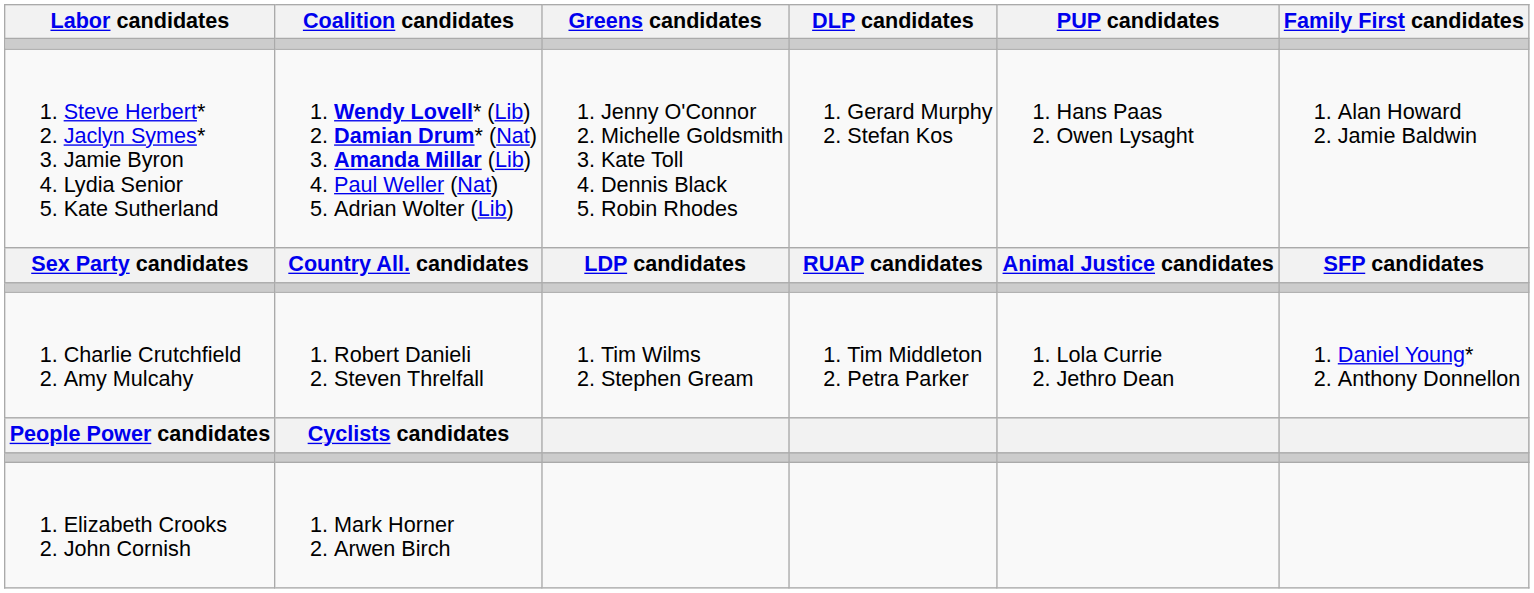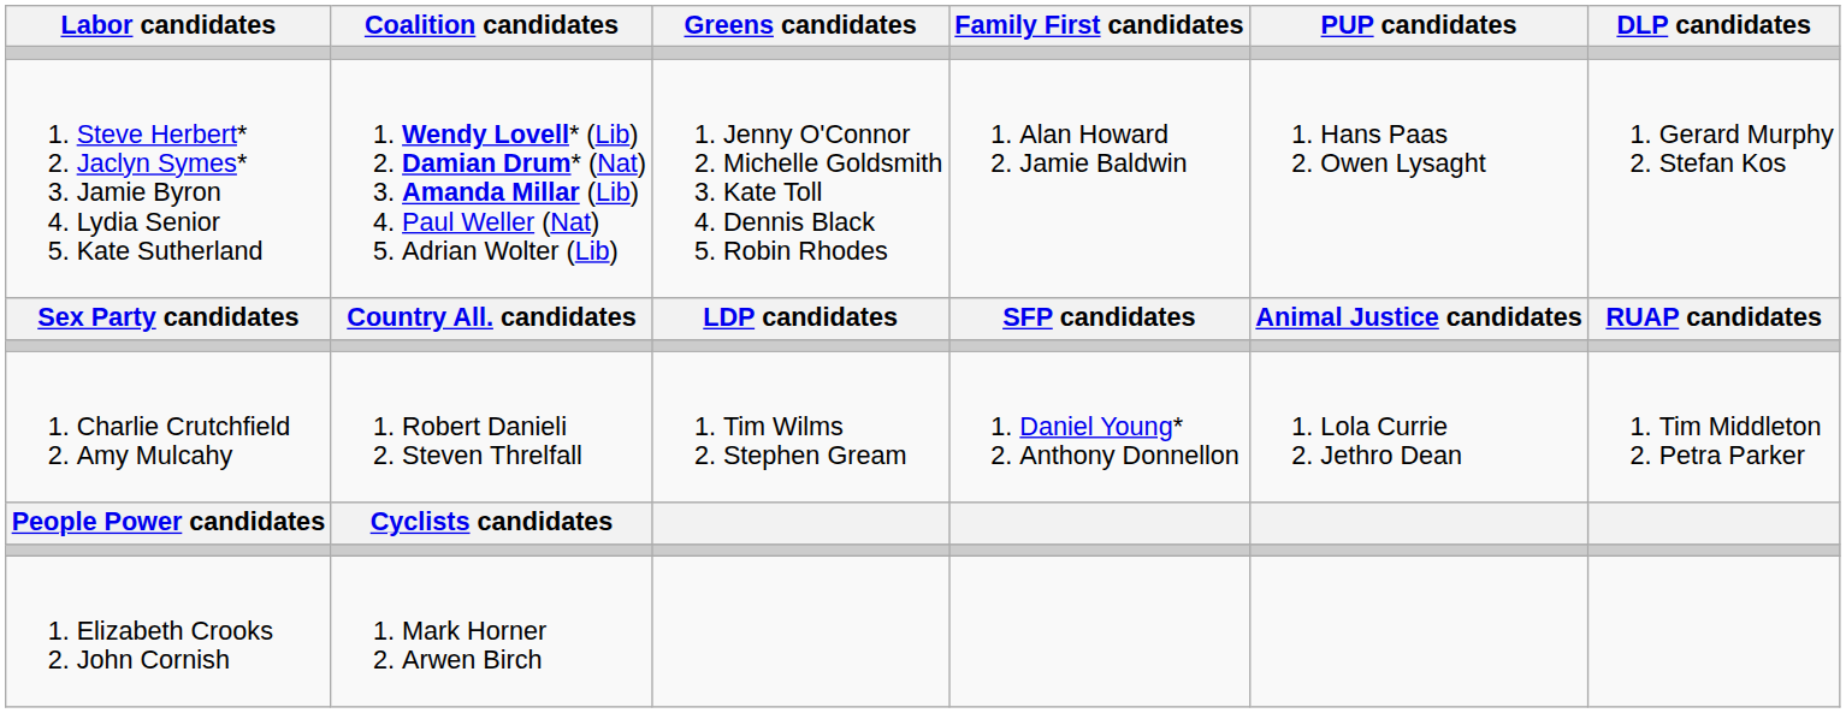 <table class="wikitable">
 <tr>
 <th><a href='#'>Labor</a> candidates</th>
 <th><a href='#'>Coalition</a> candidates</th>
 <th><a href='#'>Greens</a> candidates</th>
+<th><a href='#'>Family First</a> candidates</th>
+<th><a href='#'>PUP</a> candidates</th>
 <th><a href='#'>DLP</a> candidates</th>
-<th><a href='#'>PUP</a> candidates</th>
-<th><a href='#'>Family First</a> candidates</th>
 </tr>
 <tr bgcolor="#cccccc">
 <td></td>
 <td></td>
 <td></td>
 <td></td>
 <td></td>
 <td></td>
 </tr>
 <tr>
 <td><br><ol><li><a href='#'>Steve Herbert</a>*</li><li><a href='#'>Jaclyn Symes</a>*</li><li>Jamie Byron</li><li>Lydia Senior</li><li>Kate Sutherland</li></ol></td>
 <td><br><ol><li><strong><a href='#'>Wendy Lovell</a></strong>* (<a href='#'>Lib</a>)</li><li><strong><a href='#'>Damian Drum</a></strong>* (<a href='#'>Nat</a>)</li><li><strong><a href='#'>Amanda Millar</a></strong> (<a href='#'>Lib</a>)</li><li><a href='#'>Paul Weller</a> (<a href='#'>Nat</a>)</li><li>Adrian Wolter (<a href='#'>Lib</a>)</li></ol></td>
 <td valign=top><br><ol><li>Jenny O'Connor</li><li>Michelle Goldsmith</li><li>Kate Toll</li><li>Dennis Black</li><li>Robin Rhodes</li></ol></td>
+<td valign=top><br><ol><li>Alan Howard</li><li>Jamie Baldwin</li></ol></td>
+<td valign=top><br><ol><li>Hans Paas</li><li>Owen Lysaght</li></ol></td>
 <td valign=top><br><ol><li>Gerard Murphy</li><li>Stefan Kos</li></ol></td>
-<td valign=top><br><ol><li>Hans Paas</li><li>Owen Lysaght</li></ol></td>
-<td valign=top><br><ol><li>Alan Howard</li><li>Jamie Baldwin</li></ol></td>
 </tr>
 <tr bgcolor="#cccccc">
 <th><a href='#'>Sex Party</a> candidates</th>
 <th><a href='#'>Country All.</a> candidates</th>
 <th><a href='#'>LDP</a> candidates</th>
+<th><a href='#'>SFP</a> candidates</th>
+<th><a href='#'>Animal Justice</a> candidates</th>
 <th><a href='#'>RUAP</a> candidates</th>
-<th><a href='#'>Animal Justice</a> candidates</th>
-<th><a href='#'>SFP</a> candidates</th>
 </tr>
 <tr bgcolor="#cccccc">
 <td></td>
 <td></td>
 <td></td>
 <td></td>
 <td></td>
 <td></td>
 </tr>
 <tr>
 <td valign=top><br><ol><li>Charlie Crutchfield</li><li>Amy Mulcahy</li></ol></td>
 <td valign=top><br><ol><li>Robert Danieli</li><li>Steven Threlfall</li></ol></td>
 <td valign=top><br><ol><li>Tim Wilms</li><li>Stephen Gream</li></ol></td>
+<td><br><ol><li><a href='#'>Daniel Young</a>*</li><li>Anthony Donnellon</li></ol></td>
+<td valign=top><br><ol><li>Lola Currie</li><li>Jethro Dean</li></ol></td>
 <td valign=top><br><ol><li>Tim Middleton</li><li>Petra Parker</li></ol></td>
-<td valign=top><br><ol><li>Lola Currie</li><li>Jethro Dean</li></ol></td>
-<td><br><ol><li><a href='#'>Daniel Young</a>*</li><li>Anthony Donnellon</li></ol></td>
 </tr>
 <tr bgcolor="#cccccc">
 <th><a href='#'>People Power</a> candidates</th>
 <th><a href='#'>Cyclists</a> candidates</th>
 <th></th>
 <th></th>
 <th></th>
 <th></th>
 </tr>
 <tr bgcolor="#cccccc">
 <td></td>
 <td></td>
 <td></td>
 <td></td>
 <td></td>
 <td></td>
 </tr>
 <tr>
 <td valign=top><br><ol><li>Elizabeth Crooks</li><li>John Cornish</li></ol></td>
 <td valign=top><br><ol><li>Mark Horner</li><li>Arwen Birch</li></ol></td>
 <td valign=top></td>
 <td valign=top></td>
 <td valign=top></td>
 <td valign=top></td>
 </tr>
 </table>
